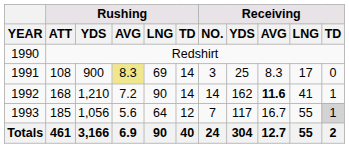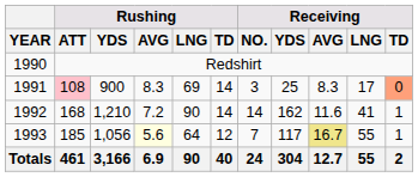 <table class=wikitable style="text-align:center">
 <tr>
 <th></th>
 <th colspan="5" style="background:#e7e3e7;">Rushing</th>
 <th colspan="5" style="background:#e7e3e7;">Receiving</th>
 </tr>
 <tr>
 <th>YEAR</th>
 <th>ATT</th>
 <th>YDS</th>
 <th>AVG</th>
 <th>LNG</th>
 <th>TD</th>
 <th>NO.</th>
 <th>YDS</th>
 <th>AVG</th>
 <th>LNG</th>
 <th>TD</th>
 </tr>
 <tr>
 <td>1990</td>
 <td colspan=10>Redshirt</td>
 </tr>
 <tr>
 <td>1991</td>
-<td>108</td>
+<td style="background: pink;">108</td>
 <td>900</td>
-<td style="background: khaki;">8.3</td>
+<td>8.3</td>
 <td>69</td>
 <td>14</td>
 <td>3</td>
 <td>25</td>
 <td>8.3</td>
 <td>17</td>
-<td>0</td>
+<td style="background: lightsalmon;">0</td>
 </tr>
 <tr>
 <td>1992</td>
 <td>168</td>
 <td>1,210</td>
 <td>7.2</td>
 <td>90</td>
 <td>14</td>
 <td>14</td>
 <td>162</td>
-<td><strong>11.6</strong></td>
+<td>11.6</td>
 <td>41</td>
 <td>1</td>
 </tr>
 <tr>
 <td>1993</td>
 <td>185</td>
 <td>1,056</td>
-<td>5.6</td>
+<td style="background: lightyellow;">5.6</td>
 <td>64</td>
 <td>12</td>
 <td>7</td>
 <td>117</td>
-<td>16.7</td>
+<td style="background: khaki;">16.7</td>
 <td>55</td>
-<td style="background: lightgrey;">1</td>
+<td>1</td>
 </tr>
 <tr>
 <th>Totals</th>
 <th>461</th>
 <th>3,166</th>
 <th>6.9</th>
 <th>90</th>
 <th>40</th>
 <th>24</th>
 <th>304</th>
 <th>12.7</th>
 <th>55</th>
 <th>2</th>
 </tr>
 </table>
